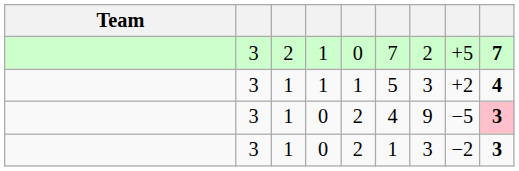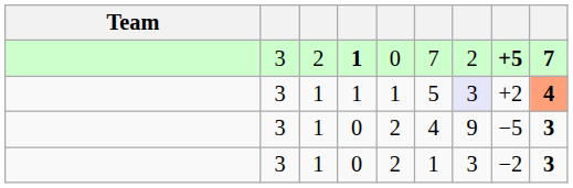 <table class="wikitable" style="text-align: center;">
 <tr>
 <th width=175>Team</th>
 <th width="20"></th>
 <th width="20"></th>
 <th width="20"></th>
 <th width="20"></th>
 <th width="20"></th>
 <th width="20"></th>
 <th width="20"></th>
 <th width="20"></th>
 </tr>
 <tr style="background:#cfc;">
 <td style="text-align:left;"><em></em></td>
 <td>3</td>
 <td>2</td>
-<td>1</td>
+<td><strong>1</strong></td>
 <td>0</td>
 <td>7</td>
 <td>2</td>
-<td>+5</td>
+<td><strong>+5</strong></td>
 <td><strong>7</strong></td>
 </tr>
 <tr>
 <td style="text-align:left;"></td>
 <td>3</td>
 <td>1</td>
 <td>1</td>
 <td>1</td>
 <td>5</td>
-<td>3</td>
+<td style="background: lavender;">3</td>
 <td>+2</td>
-<td><strong>4</strong></td>
+<td style="background: lightsalmon;"><strong>4</strong></td>
 </tr>
 <tr>
 <td style="text-align:left;"></td>
 <td>3</td>
 <td>1</td>
 <td>0</td>
 <td>2</td>
 <td>4</td>
 <td>9</td>
 <td>−5</td>
-<td style="background: pink;"><strong>3</strong></td>
+<td><strong>3</strong></td>
 </tr>
 <tr>
 <td style="text-align:left;"></td>
 <td>3</td>
 <td>1</td>
 <td>0</td>
 <td>2</td>
 <td>1</td>
 <td>3</td>
 <td>−2</td>
 <td><strong>3</strong></td>
 </tr>
 </table>
